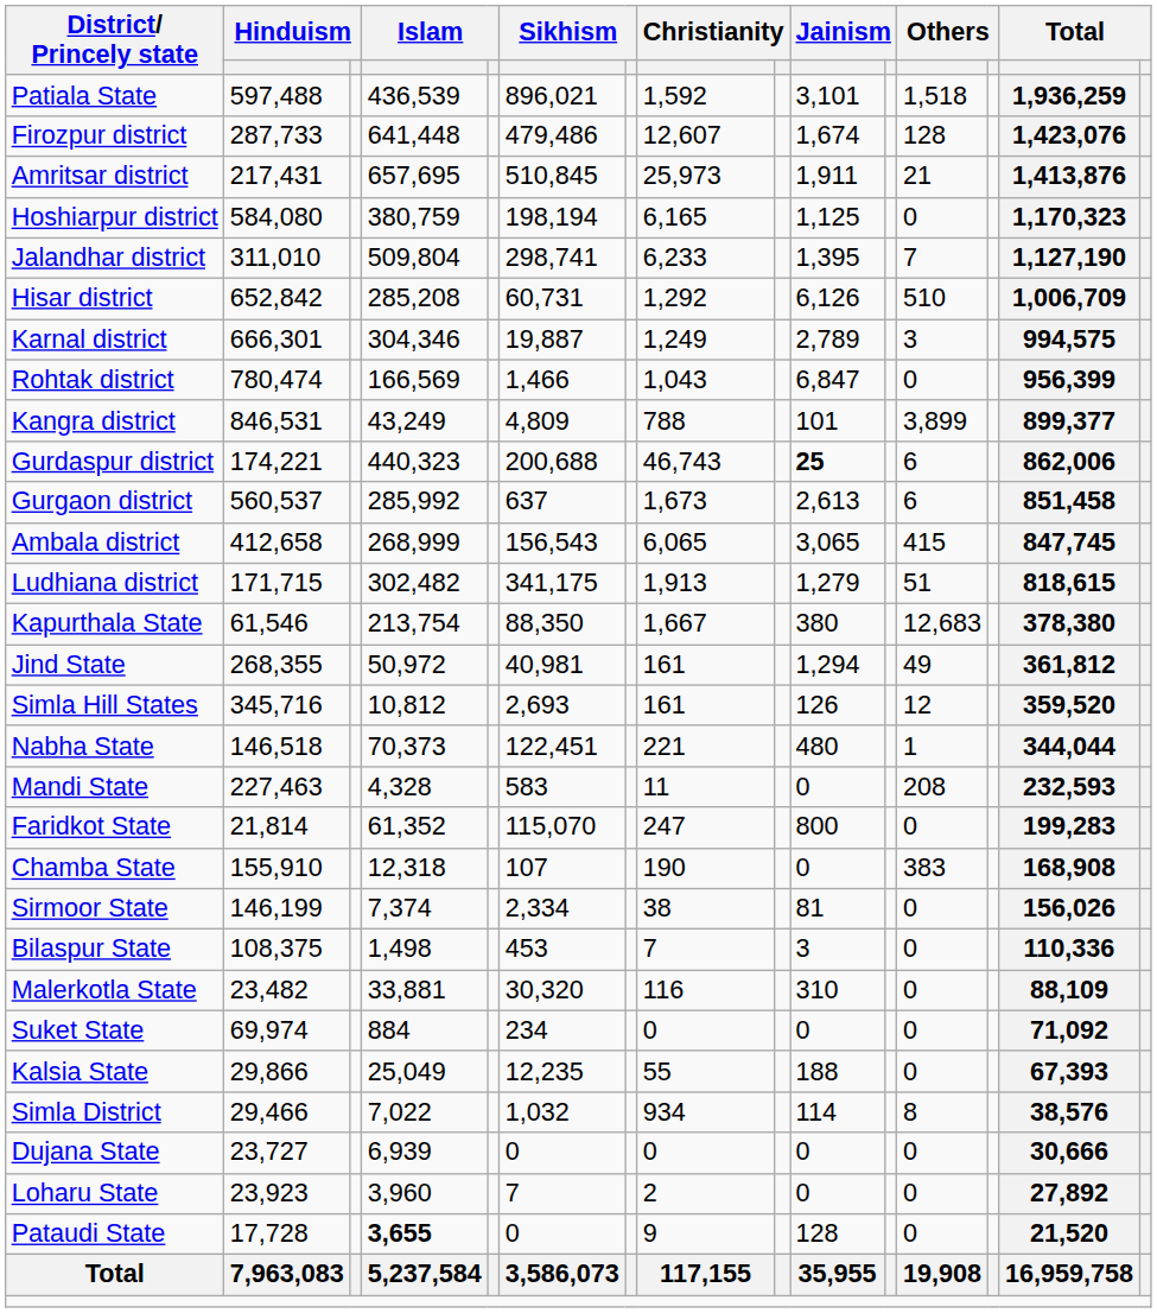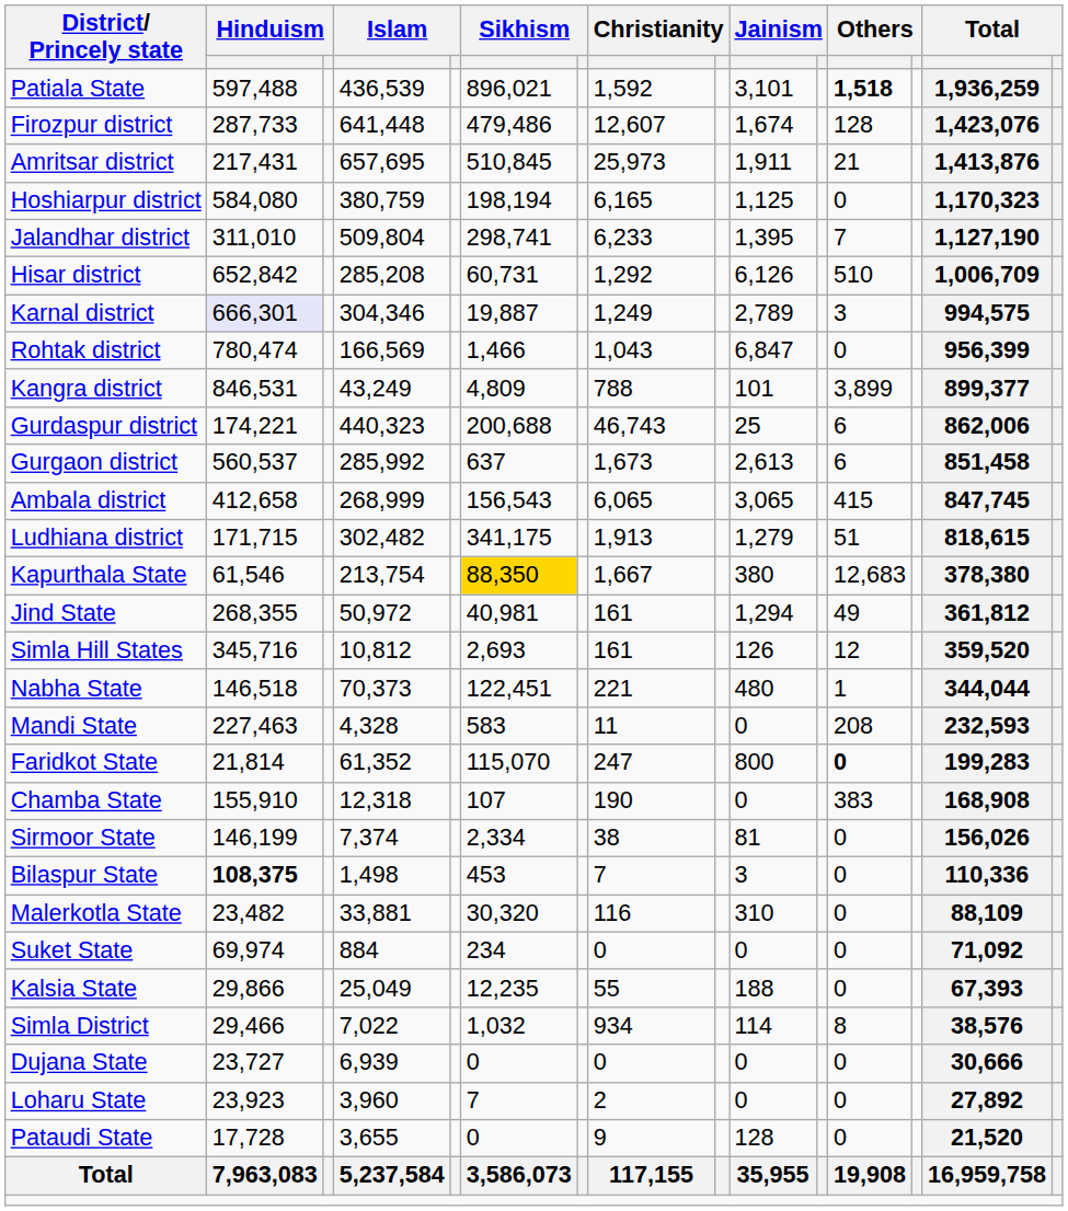 <table class="wikitable sortable">
 <tr>
 <th rowspan="2"><a href='#'>District</a>/<br><a href='#'>Princely state</a></th>
 <th colspan="2"><a href='#'>Hinduism</a> </th>
 <th colspan="2"><a href='#'>Islam</a> </th>
 <th colspan="2"><a href='#'>Sikhism</a> </th>
 <th colspan="2">Christianity </th>
 <th colspan="2"><a href='#'>Jainism</a> </th>
 <th colspan="2">Others</th>
 <th colspan="2">Total</th>
 </tr>
 <tr>
 <th><a href='#'></a></th>
 <th></th>
 <th></th>
 <th></th>
 <th></th>
 <th></th>
 <th></th>
 <th></th>
 <th></th>
 <th></th>
 <th></th>
 <th></th>
 <th></th>
 <th></th>
 </tr>
 <tr>
 <td><a href='#'>Patiala State</a></td>
 <td>597,488</td>
 <td></td>
 <td>436,539</td>
 <td></td>
 <td>896,021</td>
 <td></td>
 <td>1,592</td>
 <td></td>
 <td>3,101</td>
 <td></td>
-<td>1,518</td>
+<td><strong>1,518</strong></td>
 <td></td>
 <th>1,936,259</th>
 <th></th>
 </tr>
 <tr>
 <td><a href='#'>Firozpur district</a></td>
 <td>287,733</td>
 <td></td>
 <td>641,448</td>
 <td></td>
 <td>479,486</td>
 <td></td>
 <td>12,607</td>
 <td></td>
 <td>1,674</td>
 <td></td>
 <td>128</td>
 <td></td>
 <th>1,423,076</th>
 <th></th>
 </tr>
 <tr>
 <td><a href='#'>Amritsar district</a></td>
 <td>217,431</td>
 <td></td>
 <td>657,695</td>
 <td></td>
 <td>510,845</td>
 <td></td>
 <td>25,973</td>
 <td></td>
 <td>1,911</td>
 <td></td>
 <td>21</td>
 <td></td>
 <th>1,413,876</th>
 <th></th>
 </tr>
 <tr>
 <td><a href='#'>Hoshiarpur district</a></td>
 <td>584,080</td>
 <td></td>
 <td>380,759</td>
 <td></td>
 <td>198,194</td>
 <td></td>
 <td>6,165</td>
 <td></td>
 <td>1,125</td>
 <td></td>
 <td>0</td>
 <td></td>
 <th>1,170,323</th>
 <th></th>
 </tr>
 <tr>
 <td><a href='#'>Jalandhar district</a></td>
 <td>311,010</td>
 <td></td>
 <td>509,804</td>
 <td></td>
 <td>298,741</td>
 <td></td>
 <td>6,233</td>
 <td></td>
 <td>1,395</td>
 <td></td>
 <td>7</td>
 <td></td>
 <th>1,127,190</th>
 <th></th>
 </tr>
 <tr>
 <td><a href='#'>Hisar district</a></td>
 <td>652,842</td>
 <td></td>
 <td>285,208</td>
 <td></td>
 <td>60,731</td>
 <td></td>
 <td>1,292</td>
 <td></td>
 <td>6,126</td>
 <td></td>
 <td>510</td>
 <td></td>
 <th>1,006,709</th>
 <th></th>
 </tr>
 <tr>
 <td><a href='#'>Karnal district</a></td>
-<td>666,301</td>
+<td style="background: lavender;">666,301</td>
 <td></td>
 <td>304,346</td>
 <td></td>
 <td>19,887</td>
 <td></td>
 <td>1,249</td>
 <td></td>
 <td>2,789</td>
 <td></td>
 <td>3</td>
 <td></td>
 <th>994,575</th>
 <th></th>
 </tr>
 <tr>
 <td><a href='#'>Rohtak district</a></td>
 <td>780,474</td>
 <td></td>
 <td>166,569</td>
 <td></td>
 <td>1,466</td>
 <td></td>
 <td>1,043</td>
 <td></td>
 <td>6,847</td>
 <td></td>
 <td>0</td>
 <td></td>
 <th>956,399</th>
 <th></th>
 </tr>
 <tr>
 <td><a href='#'>Kangra district</a></td>
 <td>846,531</td>
 <td></td>
 <td>43,249</td>
 <td></td>
 <td>4,809</td>
 <td></td>
 <td>788</td>
 <td></td>
 <td>101</td>
 <td></td>
 <td>3,899</td>
 <td></td>
 <th>899,377</th>
 <th></th>
 </tr>
 <tr>
 <td><a href='#'>Gurdaspur district</a></td>
 <td>174,221</td>
 <td></td>
 <td>440,323</td>
 <td></td>
 <td>200,688</td>
 <td></td>
 <td>46,743</td>
 <td></td>
-<td><strong>25</strong></td>
+<td>25</td>
 <td></td>
 <td>6</td>
 <td></td>
 <th>862,006</th>
 <th></th>
 </tr>
 <tr>
 <td><a href='#'>Gurgaon district</a></td>
 <td>560,537</td>
 <td></td>
 <td>285,992</td>
 <td></td>
 <td>637</td>
 <td></td>
 <td>1,673</td>
 <td></td>
 <td>2,613</td>
 <td></td>
 <td>6</td>
 <td></td>
 <th>851,458</th>
 <th></th>
 </tr>
 <tr>
 <td><a href='#'>Ambala district</a></td>
 <td>412,658</td>
 <td></td>
 <td>268,999</td>
 <td></td>
 <td>156,543</td>
 <td></td>
 <td>6,065</td>
 <td></td>
 <td>3,065</td>
 <td></td>
 <td>415</td>
 <td></td>
 <th>847,745</th>
 <th></th>
 </tr>
 <tr>
 <td><a href='#'>Ludhiana district</a></td>
 <td>171,715</td>
 <td></td>
 <td>302,482</td>
 <td></td>
 <td>341,175</td>
 <td></td>
 <td>1,913</td>
 <td></td>
 <td>1,279</td>
 <td></td>
 <td>51</td>
 <td></td>
 <th>818,615</th>
 <th></th>
 </tr>
 <tr>
 <td><a href='#'>Kapurthala State</a></td>
 <td>61,546</td>
 <td></td>
 <td>213,754</td>
 <td></td>
-<td>88,350</td>
+<td style="background: gold;">88,350</td>
 <td></td>
 <td>1,667</td>
 <td></td>
 <td>380</td>
 <td></td>
 <td>12,683</td>
 <td></td>
 <th>378,380</th>
 <th></th>
 </tr>
 <tr>
 <td><a href='#'>Jind State</a></td>
 <td>268,355</td>
 <td></td>
 <td>50,972</td>
 <td></td>
 <td>40,981</td>
 <td></td>
 <td>161</td>
 <td></td>
 <td>1,294</td>
 <td></td>
 <td>49</td>
 <td></td>
 <th>361,812</th>
 <th></th>
 </tr>
 <tr>
 <td><a href='#'>Simla Hill States</a></td>
 <td>345,716</td>
 <td></td>
 <td>10,812</td>
 <td></td>
 <td>2,693</td>
 <td></td>
 <td>161</td>
 <td></td>
 <td>126</td>
 <td></td>
 <td>12</td>
 <td></td>
 <th>359,520</th>
 <th></th>
 </tr>
 <tr>
 <td><a href='#'>Nabha State</a></td>
 <td>146,518</td>
 <td></td>
 <td>70,373</td>
 <td></td>
 <td>122,451</td>
 <td></td>
 <td>221</td>
 <td></td>
 <td>480</td>
 <td></td>
 <td>1</td>
 <td></td>
 <th>344,044</th>
 <th></th>
 </tr>
 <tr>
 <td><a href='#'>Mandi State</a></td>
 <td>227,463</td>
 <td></td>
 <td>4,328</td>
 <td></td>
 <td>583</td>
 <td></td>
 <td>11</td>
 <td></td>
 <td>0</td>
 <td></td>
 <td>208</td>
 <td></td>
 <th>232,593</th>
 <th></th>
 </tr>
 <tr>
 <td><a href='#'>Faridkot State</a></td>
 <td>21,814</td>
 <td></td>
 <td>61,352</td>
 <td></td>
 <td>115,070</td>
 <td></td>
 <td>247</td>
 <td></td>
 <td>800</td>
 <td></td>
-<td>0</td>
+<td><strong>0</strong></td>
 <td></td>
 <th>199,283</th>
 <th></th>
 </tr>
 <tr>
 <td><a href='#'>Chamba State</a></td>
 <td>155,910</td>
 <td></td>
 <td>12,318</td>
 <td></td>
 <td>107</td>
 <td></td>
 <td>190</td>
 <td></td>
 <td>0</td>
 <td></td>
 <td>383</td>
 <td></td>
 <th>168,908</th>
 <th></th>
 </tr>
 <tr>
 <td><a href='#'>Sirmoor State</a></td>
 <td>146,199</td>
 <td></td>
 <td>7,374</td>
 <td></td>
 <td>2,334</td>
 <td></td>
 <td>38</td>
 <td></td>
 <td>81</td>
 <td></td>
 <td>0</td>
 <td></td>
 <th>156,026</th>
 <th></th>
 </tr>
 <tr>
 <td><a href='#'>Bilaspur State</a></td>
-<td>108,375</td>
+<td><strong>108,375</strong></td>
 <td></td>
 <td>1,498</td>
 <td></td>
 <td>453</td>
 <td></td>
 <td>7</td>
 <td></td>
 <td>3</td>
 <td></td>
 <td>0</td>
 <td></td>
 <th>110,336</th>
 <th></th>
 </tr>
 <tr>
 <td><a href='#'>Malerkotla State</a></td>
 <td>23,482</td>
 <td></td>
 <td>33,881</td>
 <td></td>
 <td>30,320</td>
 <td></td>
 <td>116</td>
 <td></td>
 <td>310</td>
 <td></td>
 <td>0</td>
 <td></td>
 <th>88,109</th>
 <th></th>
 </tr>
 <tr>
 <td><a href='#'>Suket State</a></td>
 <td>69,974</td>
 <td></td>
 <td>884</td>
 <td></td>
 <td>234</td>
 <td></td>
 <td>0</td>
 <td></td>
 <td>0</td>
 <td></td>
 <td>0</td>
 <td></td>
 <th>71,092</th>
 <th></th>
 </tr>
 <tr>
 <td><a href='#'>Kalsia State</a></td>
 <td>29,866</td>
 <td></td>
 <td>25,049</td>
 <td></td>
 <td>12,235</td>
 <td></td>
 <td>55</td>
 <td></td>
 <td>188</td>
 <td></td>
 <td>0</td>
 <td></td>
 <th>67,393</th>
 <th></th>
 </tr>
 <tr>
 <td><a href='#'>Simla District</a></td>
 <td>29,466</td>
 <td></td>
 <td>7,022</td>
 <td></td>
 <td>1,032</td>
 <td></td>
 <td>934</td>
 <td></td>
 <td>114</td>
 <td></td>
 <td>8</td>
 <td></td>
 <th>38,576</th>
 <th></th>
 </tr>
 <tr>
 <td><a href='#'>Dujana State</a></td>
 <td>23,727</td>
 <td></td>
 <td>6,939</td>
 <td></td>
 <td>0</td>
 <td></td>
 <td>0</td>
 <td></td>
 <td>0</td>
 <td></td>
 <td>0</td>
 <td></td>
 <th>30,666</th>
 <th></th>
 </tr>
 <tr>
 <td><a href='#'>Loharu State</a></td>
 <td>23,923</td>
 <td></td>
 <td>3,960</td>
 <td></td>
 <td>7</td>
 <td></td>
 <td>2</td>
 <td></td>
 <td>0</td>
 <td></td>
 <td>0</td>
 <td></td>
 <th>27,892</th>
 <th></th>
 </tr>
 <tr>
 <td><a href='#'>Pataudi State</a></td>
 <td>17,728</td>
 <td></td>
-<td><strong>3,655</strong></td>
+<td>3,655</td>
 <td></td>
 <td>0</td>
 <td></td>
 <td>9</td>
 <td></td>
 <td>128</td>
 <td></td>
 <td>0</td>
 <td></td>
 <th>21,520</th>
 <th></th>
 </tr>
 <tr>
 <th>Total</th>
 <th>7,963,083</th>
 <th></th>
 <th>5,237,584</th>
 <th></th>
 <th>3,586,073</th>
 <th></th>
 <th>117,155</th>
 <th></th>
 <th>35,955</th>
 <th></th>
 <th>19,908</th>
 <th></th>
 <th>16,959,758</th>
 <th></th>
 </tr>
 <tr class="sortbottom">
 <td colspan="15"></td>
 </tr>
 </table>
